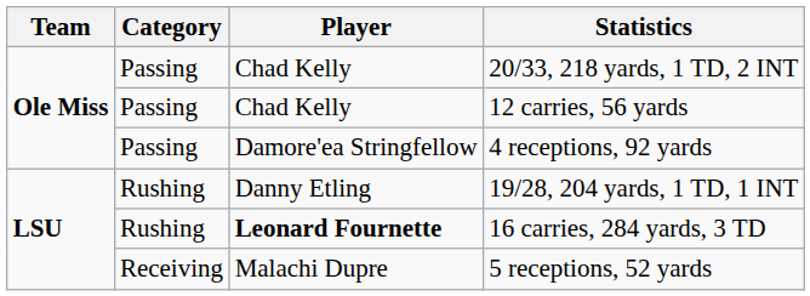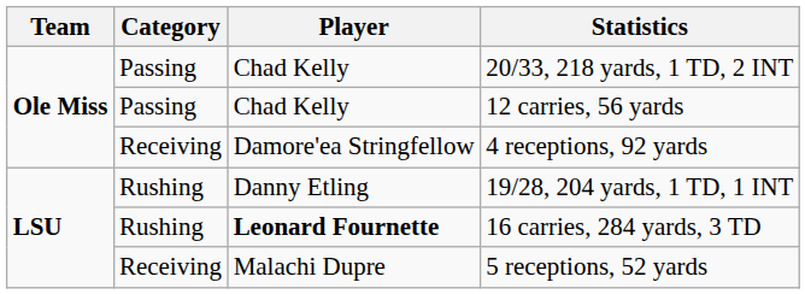 <table class="wikitable" style="float: right;">
 <tr>
 <th>Team</th>
 <th>Category</th>
 <th>Player</th>
 <th>Statistics</th>
 </tr>
 <tr>
 <td rowspan=3><strong>Ole Miss</strong></td>
 <td>Passing</td>
 <td>Chad Kelly</td>
 <td>20/33, 218 yards, 1 TD, 2 INT</td>
 </tr>
 <tr>
 <td>Passing</td>
 <td>Chad Kelly</td>
 <td>12 carries, 56 yards</td>
 </tr>
 <tr>
-<td>Passing</td>
+<td>Receiving</td>
 <td>Damore'ea Stringfellow</td>
 <td>4 receptions, 92 yards</td>
 </tr>
 <tr>
 <td rowspan=3><strong>LSU</strong></td>
 <td>Rushing</td>
 <td>Danny Etling</td>
 <td>19/28, 204 yards, 1 TD, 1 INT</td>
 </tr>
 <tr>
 <td>Rushing</td>
 <td><strong>Leonard Fournette</strong></td>
 <td>16 carries, 284 yards, 3 TD</td>
 </tr>
 <tr>
 <td>Receiving</td>
 <td>Malachi Dupre</td>
 <td>5 receptions, 52 yards</td>
 </tr>
 </table>
